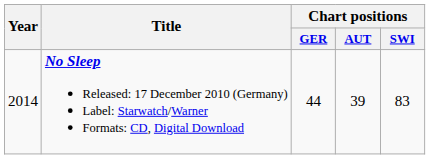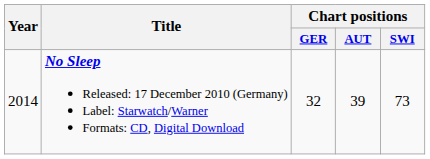 <table class="wikitable">
 <tr>
 <th rowspan=2>Year</th>
 <th rowspan=2>Title</th>
 <th colspan=3>Chart positions</th>
 </tr>
 <tr>
 <th style="width:3em;font-size:85%"><a href='#'>GER</a><br></th>
 <th style="width:3em;font-size:85%"><a href='#'>AUT</a><br></th>
 <th style="width:3em;font-size:85%"><a href='#'>SWI</a><br></th>
 </tr>
 <tr>
 <td>2014</td>
 <td><strong><em><a href='#'>No Sleep</a></em></strong><br><ul><li><small>Released: 17 December 2010 (Germany)</small></li><li><small>Label: <a href='#'>Starwatch</a>/<a href='#'>Warner</a></small></li><li><small>Formats: <a href='#'>CD</a>, <a href='#'>Digital Download</a></small></li></ul></td>
-<td align="center">44</td>
+<td align="center">32</td>
 <td align="center">39</td>
-<td align="center">83</td>
+<td align="center">73</td>
 </tr>
 </table>
